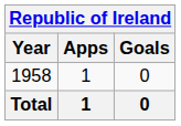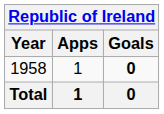 <table class="wikitable" style="text-align:center">
 <tr>
 <th colspan=3><a href='#'>Republic of Ireland</a></th>
 </tr>
 <tr>
 <th>Year</th>
 <th>Apps</th>
 <th>Goals</th>
 </tr>
 <tr>
 <td>1958</td>
 <td>1</td>
-<td>0</td>
+<td><strong>0</strong></td>
 </tr>
 <tr>
 <th>Total</th>
 <th>1</th>
 <th>0</th>
 </tr>
 </table>
